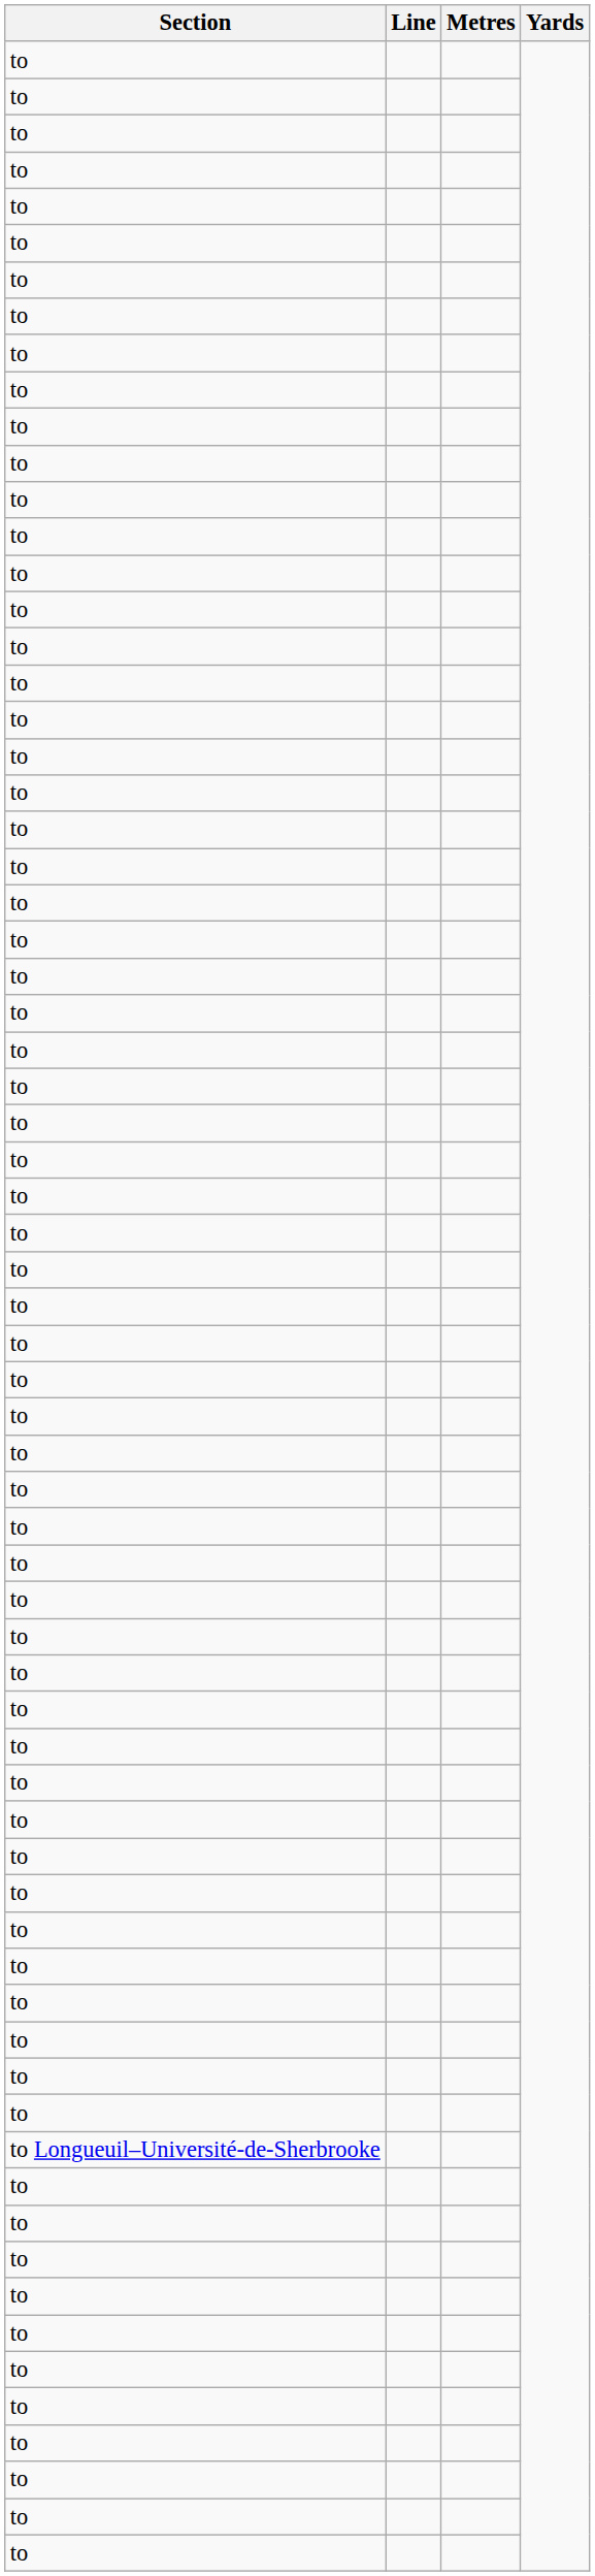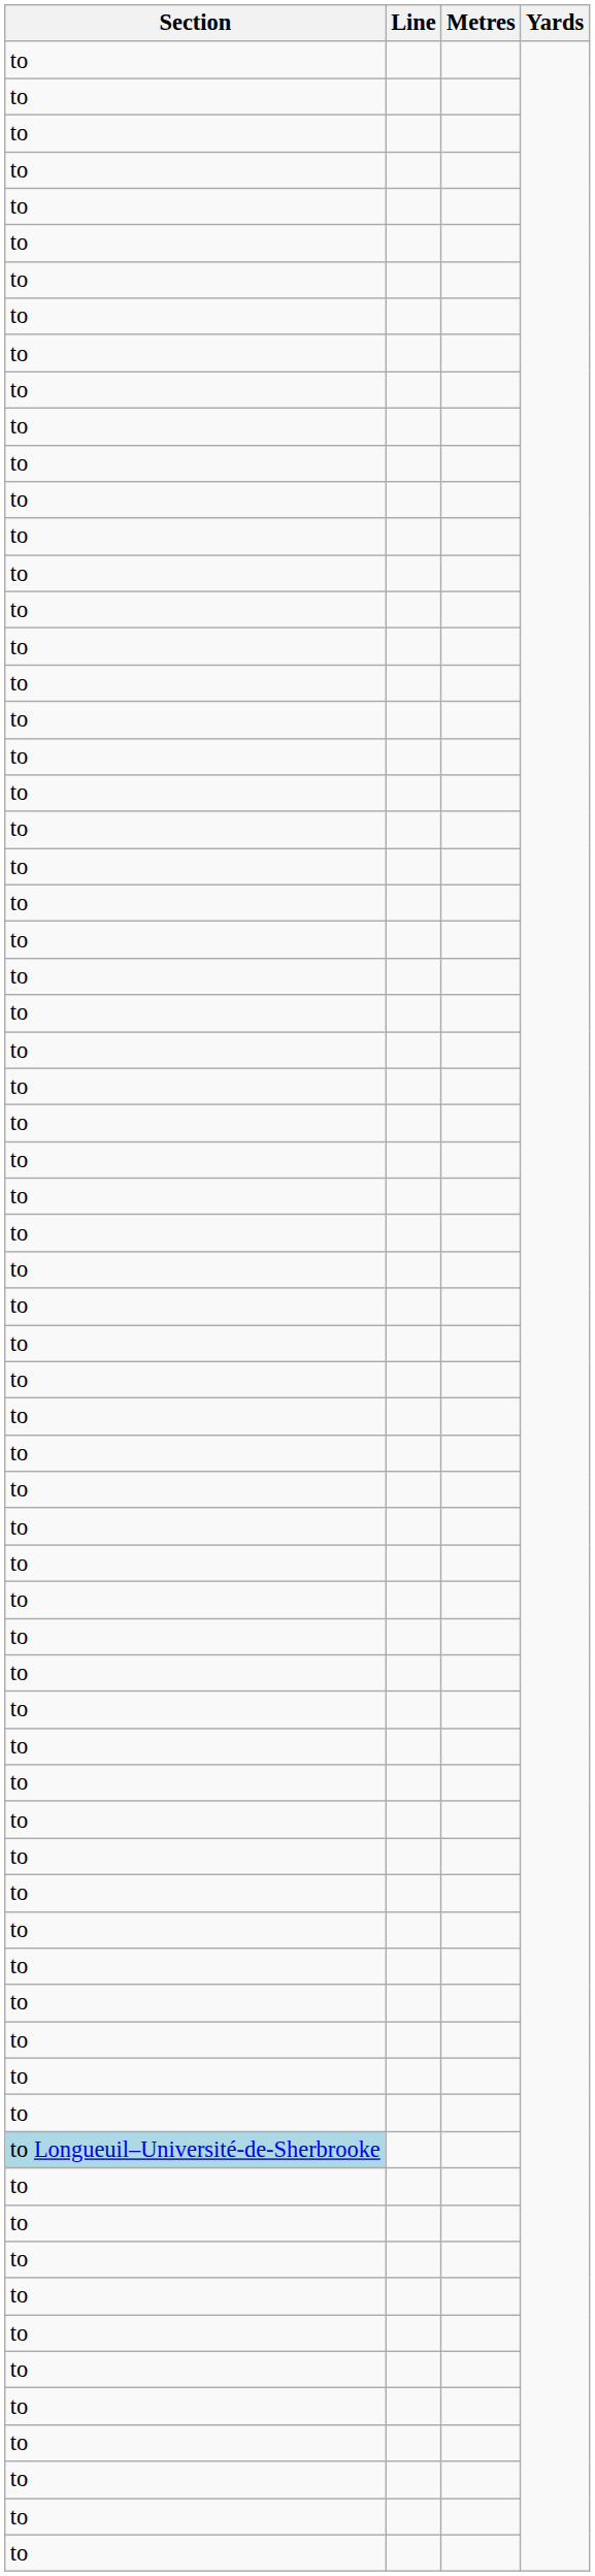 <table class="wikitable sortable">
 <tr>
 <th>Section</th>
 <th>Line</th>
 <th>Metres</th>
 <th class="unsortable">Yards</th>
 </tr>
 <tr>
 <td> to </td>
 <td align="center"></td>
 <td></td>
 </tr>
 <tr>
 <td> to </td>
 <td align="center"></td>
 <td></td>
 </tr>
 <tr>
 <td> to </td>
 <td align="center"></td>
 <td></td>
 </tr>
 <tr>
 <td> to </td>
 <td align="center"></td>
 <td></td>
 </tr>
 <tr>
 <td> to </td>
 <td align="center"></td>
 <td></td>
 </tr>
 <tr>
 <td> to </td>
 <td align="center"></td>
 <td></td>
 </tr>
 <tr>
 <td> to </td>
 <td align="center"></td>
 <td></td>
 </tr>
 <tr>
 <td> to </td>
 <td align="center"></td>
 <td></td>
 </tr>
 <tr>
 <td> to </td>
 <td align="center"></td>
 <td></td>
 </tr>
 <tr>
 <td> to </td>
 <td align="center"></td>
 <td></td>
 </tr>
 <tr>
 <td> to </td>
 <td align="center"></td>
 <td></td>
 </tr>
 <tr>
 <td> to </td>
 <td align="center"></td>
 <td></td>
 </tr>
 <tr>
 <td> to </td>
 <td align="center"></td>
 <td></td>
 </tr>
 <tr>
 <td> to </td>
 <td align="center"></td>
 <td></td>
 </tr>
 <tr>
 <td> to </td>
 <td align="center"></td>
 <td></td>
 </tr>
 <tr>
 <td> to </td>
 <td align="center"></td>
 <td></td>
 </tr>
 <tr>
 <td> to </td>
 <td align="center"></td>
 <td></td>
 </tr>
 <tr>
 <td> to </td>
 <td align="center"></td>
 <td></td>
 </tr>
 <tr>
 <td> to </td>
 <td align="center"></td>
 <td></td>
 </tr>
 <tr>
 <td> to </td>
 <td align="center"></td>
 <td></td>
 </tr>
 <tr>
 <td> to </td>
 <td align="center"></td>
 <td></td>
 </tr>
 <tr>
 <td> to </td>
 <td align="center"></td>
 <td></td>
 </tr>
 <tr>
 <td> to </td>
 <td align="center"></td>
 <td></td>
 </tr>
 <tr>
 <td> to </td>
 <td align="center"></td>
 <td></td>
 </tr>
 <tr>
 <td> to </td>
 <td align="center"></td>
 <td></td>
 </tr>
 <tr>
 <td> to </td>
 <td align="center"></td>
 <td></td>
 </tr>
 <tr>
 <td> to </td>
 <td align="center"></td>
 <td></td>
 </tr>
 <tr>
 <td> to </td>
 <td align="center"></td>
 <td></td>
 </tr>
 <tr>
 <td> to </td>
 <td align="center"></td>
 <td></td>
 </tr>
 <tr>
 <td> to </td>
 <td align="center"></td>
 <td></td>
 </tr>
 <tr>
 <td> to </td>
 <td align="center"></td>
 <td></td>
 </tr>
 <tr>
 <td> to </td>
 <td align="center"></td>
 <td></td>
 </tr>
 <tr>
 <td> to </td>
 <td align="center"></td>
 <td></td>
 </tr>
 <tr>
 <td> to </td>
 <td align="center"></td>
 <td></td>
 </tr>
 <tr>
 <td> to </td>
 <td align="center"></td>
 <td></td>
 </tr>
 <tr>
 <td> to </td>
 <td align="center"></td>
 <td></td>
 </tr>
 <tr>
 <td> to </td>
 <td align="center"></td>
 <td></td>
 </tr>
 <tr>
 <td> to </td>
 <td align="center"></td>
 <td></td>
 </tr>
 <tr>
 <td> to </td>
 <td align="center"></td>
 <td></td>
 </tr>
 <tr>
 <td> to </td>
 <td align="center"></td>
 <td></td>
 </tr>
 <tr>
 <td> to </td>
 <td align="center"></td>
 <td></td>
 </tr>
 <tr>
 <td> to </td>
 <td align="center"></td>
 <td></td>
 </tr>
 <tr>
 <td> to </td>
 <td align="center"></td>
 <td></td>
 </tr>
 <tr>
 <td> to </td>
 <td align="center"></td>
 <td></td>
 </tr>
 <tr>
 <td> to </td>
 <td align="center"></td>
 <td></td>
 </tr>
 <tr>
 <td> to </td>
 <td align="center"></td>
 <td></td>
 </tr>
 <tr>
 <td> to </td>
 <td align="center"></td>
 <td></td>
 </tr>
 <tr>
 <td> to </td>
 <td align="center"></td>
 <td></td>
 </tr>
 <tr>
 <td> to </td>
 <td align="center"></td>
 <td></td>
 </tr>
 <tr>
 <td> to </td>
 <td align="center"></td>
 <td></td>
 </tr>
 <tr>
 <td> to </td>
 <td align="center"></td>
 <td></td>
 </tr>
 <tr>
 <td> to </td>
 <td align="center"></td>
 <td></td>
 </tr>
 <tr>
 <td> to </td>
 <td align="center"></td>
 <td></td>
 </tr>
 <tr>
 <td> to </td>
 <td align="center"></td>
 <td></td>
 </tr>
 <tr>
 <td> to </td>
 <td align="center"></td>
 <td></td>
 </tr>
 <tr>
 <td> to </td>
 <td align="center"></td>
 <td></td>
 </tr>
 <tr>
 <td> to </td>
 <td align="center"></td>
 <td></td>
 </tr>
 <tr>
-<td> to <a href='#'>Longueuil–Université-de-Sherbrooke</a></td>
+<td style="background: lightblue;"> to <a href='#'>Longueuil–Université-de-Sherbrooke</a></td>
 <td align="center"></td>
 <td></td>
 </tr>
 <tr>
 <td> to </td>
 <td align="center"></td>
 <td></td>
 </tr>
 <tr>
 <td> to </td>
 <td align="center"></td>
 <td></td>
 </tr>
 <tr>
 <td> to </td>
 <td align="center"></td>
 <td></td>
 </tr>
 <tr>
 <td> to </td>
 <td align="center"></td>
 <td></td>
 </tr>
 <tr>
 <td> to </td>
 <td align="center"></td>
 <td></td>
 </tr>
 <tr>
 <td> to </td>
 <td align="center"></td>
 <td></td>
 </tr>
 <tr>
 <td> to </td>
 <td align="center"></td>
 <td></td>
 </tr>
 <tr>
 <td> to </td>
 <td align="center"></td>
 <td></td>
 </tr>
 <tr>
 <td> to </td>
 <td align="center"></td>
 <td></td>
 </tr>
 <tr>
 <td> to </td>
 <td align="center"></td>
 <td></td>
 </tr>
 <tr>
 <td> to </td>
 <td align="center"></td>
 <td></td>
 </tr>
 </table>
